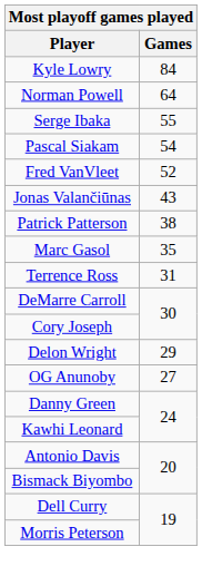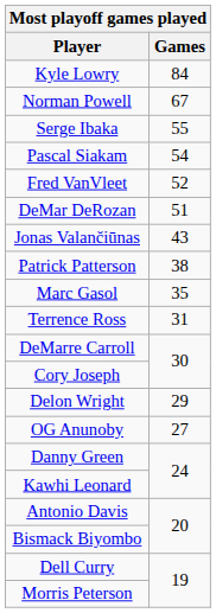 <table class="wikitable sortable" style="text-align:center">
 <tr>
 <th colspan="2">Most playoff games played</th>
 </tr>
 <tr>
 <th>Player</th>
 <th>Games</th>
 </tr>
 <tr>
 <td><a href='#'>Kyle Lowry</a></td>
 <td>84</td>
 </tr>
 <tr>
 <td><a href='#'>Norman Powell</a></td>
-<td>64</td>
+<td>67</td>
 </tr>
 <tr>
 <td><a href='#'>Serge Ibaka</a></td>
 <td>55</td>
 </tr>
 <tr>
 <td><a href='#'>Pascal Siakam</a></td>
 <td>54</td>
 </tr>
 <tr>
 <td><a href='#'>Fred VanVleet</a></td>
 <td>52</td>
+</tr>
+<tr>
+<td><a href='#'>DeMar DeRozan</a></td>
+<td>51</td>
 </tr>
 <tr>
 <td><a href='#'>Jonas Valančiūnas</a></td>
 <td>43</td>
 </tr>
 <tr>
 <td><a href='#'>Patrick Patterson</a></td>
 <td>38</td>
 </tr>
 <tr>
 <td><a href='#'>Marc Gasol</a></td>
 <td>35</td>
 </tr>
 <tr>
 <td><a href='#'>Terrence Ross</a></td>
 <td>31</td>
 </tr>
 <tr>
 <td><a href='#'>DeMarre Carroll</a></td>
 <td rowspan="2">30</td>
 </tr>
 <tr>
 <td><a href='#'>Cory Joseph</a></td>
 </tr>
 <tr>
 <td><a href='#'>Delon Wright</a></td>
 <td>29</td>
 </tr>
 <tr>
 <td><a href='#'>OG Anunoby</a></td>
 <td>27</td>
 </tr>
 <tr>
 <td><a href='#'>Danny Green</a></td>
 <td rowspan="2">24</td>
 </tr>
 <tr>
 <td><a href='#'>Kawhi Leonard</a></td>
 </tr>
 <tr>
 <td><a href='#'>Antonio Davis</a></td>
 <td rowspan="2">20</td>
 </tr>
 <tr>
 <td><a href='#'>Bismack Biyombo</a></td>
 </tr>
 <tr>
 <td><a href='#'>Dell Curry</a></td>
 <td rowspan="2">19</td>
 </tr>
 <tr>
 <td><a href='#'>Morris Peterson</a></td>
 </tr>
 </table>
